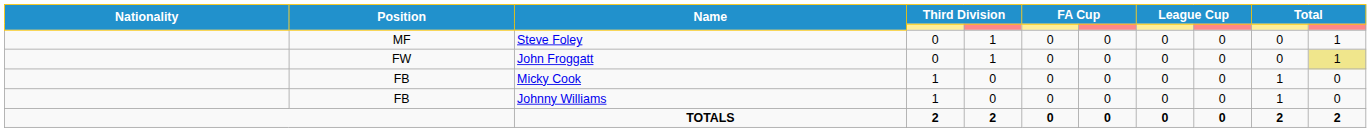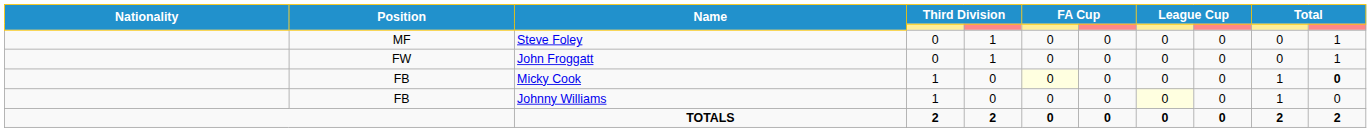 <table class="wikitable" style="text-align:center; font-size:90%; width:100%;">
 <tr>
 <th rowspan="2" style="background:#2191CC; color:white; border:1px solid #F7C408; text-align:center;">Nationality</th>
 <th rowspan="2" style="background:#2191CC; color:white; border:1px solid #F7C408; text-align:center;">Position</th>
 <th rowspan="2" style="background:#2191CC; color:white; border:1px solid #F7C408; text-align:center;">Name</th>
 <th colspan="2" style="background:#2191CC; color:white; border:1px solid #F7C408; text-align:center;">Third Division</th>
 <th colspan="2" style="background:#2191CC; color:white; border:1px solid #F7C408; text-align:center;">FA Cup</th>
 <th colspan="2" style="background:#2191CC; color:white; border:1px solid #F7C408; text-align:center;">League Cup</th>
 <th colspan="2" style="background:#2191CC; color:white; border:1px solid #F7C408; text-align:center;">Total</th>
 </tr>
 <tr>
 <th width=60 style="background: #FFEE99"></th>
 <th width=60 style="background: #FF8888"></th>
 <th width=60 style="background: #FFEE99"></th>
 <th width=60 style="background: #FF8888"></th>
 <th width=60 style="background: #FFEE99"></th>
 <th width=60 style="background: #FF8888"></th>
 <th width=60 style="background: #FFEE99"></th>
 <th width=60 style="background: #FF8888"></th>
 </tr>
 <tr>
 <td></td>
 <td>MF</td>
 <td align="left"><a href='#'>Steve Foley</a></td>
 <td>0</td>
 <td>1</td>
 <td>0</td>
 <td>0</td>
 <td>0</td>
 <td>0</td>
 <td>0</td>
 <td>1</td>
 </tr>
 <tr>
 <td></td>
 <td>FW</td>
 <td align="left"><a href='#'>John Froggatt</a></td>
 <td>0</td>
 <td>1</td>
 <td>0</td>
 <td>0</td>
 <td>0</td>
 <td>0</td>
 <td>0</td>
-<td style="background: khaki;">1</td>
+<td>1</td>
 </tr>
 <tr>
 <td></td>
 <td>FB</td>
 <td align="left"><a href='#'>Micky Cook</a></td>
 <td>1</td>
 <td>0</td>
-<td>0</td>
+<td style="background: lightyellow;">0</td>
 <td>0</td>
 <td>0</td>
 <td>0</td>
 <td>1</td>
-<td>0</td>
+<td><strong>0</strong></td>
 </tr>
 <tr>
 <td></td>
 <td>FB</td>
 <td align="left"><a href='#'>Johnny Williams</a></td>
 <td>1</td>
 <td>0</td>
 <td>0</td>
 <td>0</td>
-<td>0</td>
+<td style="background: lightyellow;">0</td>
 <td>0</td>
 <td>1</td>
 <td>0</td>
 </tr>
 <tr>
 <td colspan="2"></td>
 <td><strong>TOTALS</strong></td>
 <td><strong>2</strong></td>
 <td><strong>2</strong></td>
 <td><strong>0</strong></td>
 <td><strong>0</strong></td>
 <td><strong>0</strong></td>
 <td><strong>0</strong></td>
 <td><strong>2</strong></td>
 <td><strong>2</strong></td>
 </tr>
 </table>
